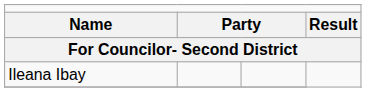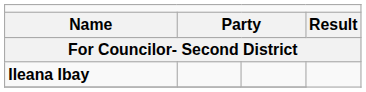 <table class="wikitable" style="font-size:90%">
 <tr>
 <td colspan="4"></td>
 </tr>
 <tr>
 <th width="150px">Name</th>
 <th colspan="2" width="110px">Party</th>
 <th>Result</th>
 </tr>
 <tr>
 <th colspan="4">For Councilor- Second District</th>
 </tr>
 <tr>
-<td>Ileana Ibay</td>
+<td><strong>Ileana Ibay</strong></td>
 <td></td>
 <td></td>
 </tr>
 <tr>
 </tr>
 </table>
